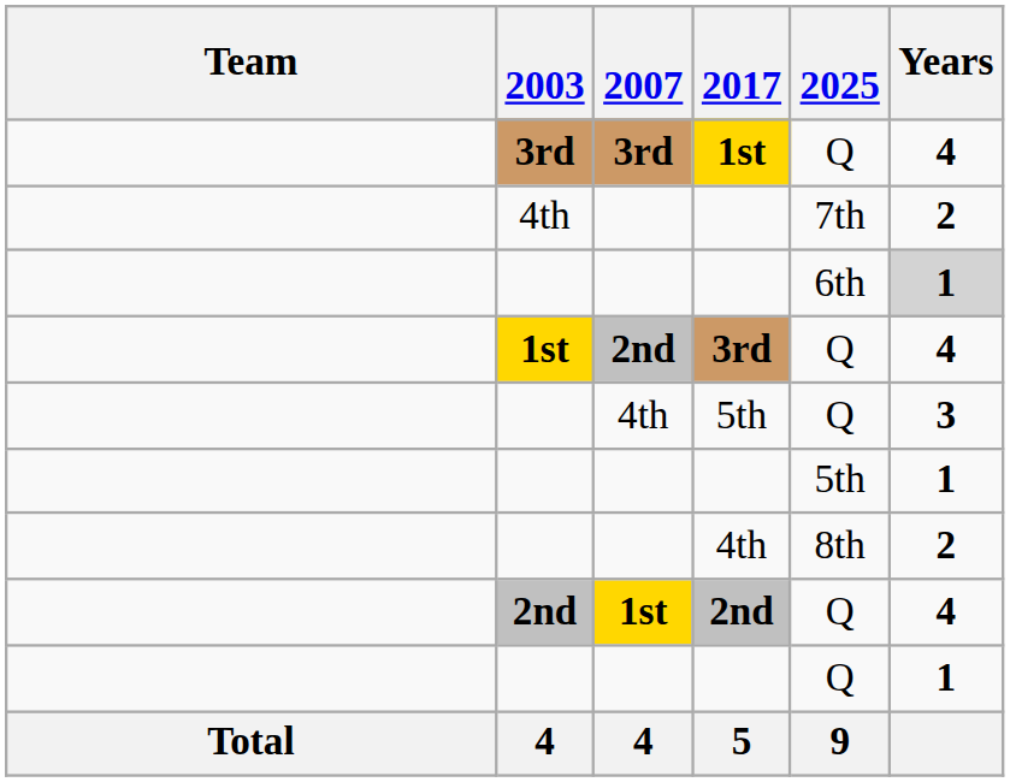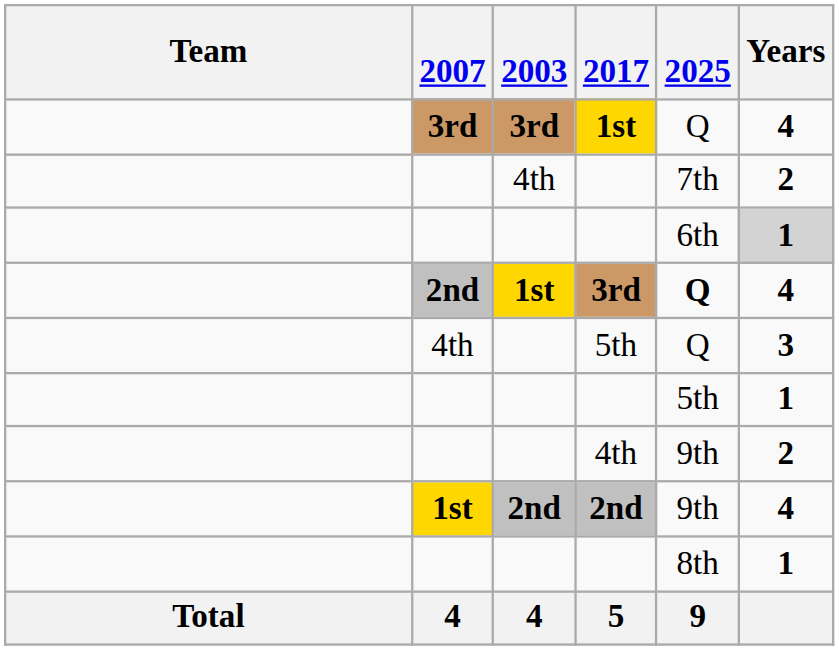 <table class="wikitable" style="text-align:center; font-size:90%">
 <tr>
 <th width=170>Team</th>
+<th><br><a href='#'>2007</a></th>
 <th><br><a href='#'>2003</a></th>
-<th><br><a href='#'>2007</a></th>
 <th><br><a href='#'>2017</a></th>
 <th><br><a href='#'>2025</a></th>
 <th>Years</th>
 </tr>
 <tr>
 <td align=left></td>
 <td bgcolor=cc9966><strong>3rd</strong></td>
 <td bgcolor=cc9966><strong>3rd</strong></td>
 <td bgcolor=gold><strong>1st</strong></td>
 <td>Q</td>
 <td><strong>4</strong></td>
 </tr>
 <tr>
 <td align=left></td>
+<td></td>
 <td>4th</td>
-<td></td>
 <td></td>
 <td>7th</td>
 <td><strong>2</strong></td>
 </tr>
 <tr>
 <td align=left></td>
 <td></td>
 <td></td>
 <td></td>
 <td>6th</td>
 <td style="background: lightgrey;"><strong>1</strong></td>
 </tr>
 <tr>
 <td align=left></td>
+<td bgcolor=silver><strong>2nd</strong></td>
 <td bgcolor=gold><strong>1st</strong></td>
-<td bgcolor=silver><strong>2nd</strong></td>
 <td bgcolor=cc9966><strong>3rd</strong></td>
-<td>Q</td>
+<td><strong>Q</strong></td>
 <td><strong>4</strong></td>
 </tr>
 <tr>
 <td align=left></td>
+<td>4th</td>
 <td></td>
-<td>4th</td>
 <td>5th</td>
 <td>Q</td>
 <td><strong>3</strong></td>
 </tr>
 <tr>
 <td align=left></td>
 <td></td>
 <td></td>
 <td></td>
 <td>5th</td>
 <td><strong>1</strong></td>
 </tr>
 <tr>
 <td align=left></td>
 <td></td>
 <td></td>
 <td>4th</td>
-<td>8th</td>
+<td>9th</td>
 <td><strong>2</strong></td>
 </tr>
 <tr>
 <td align=left></td>
-<td bgcolor=silver><strong>2nd</strong></td>
 <td bgcolor=gold><strong>1st</strong></td>
 <td bgcolor=silver><strong>2nd</strong></td>
-<td>Q</td>
+<td bgcolor=silver><strong>2nd</strong></td>
+<td>9th</td>
 <td><strong>4</strong></td>
 </tr>
 <tr>
 <td align=left></td>
 <td></td>
 <td></td>
 <td></td>
-<td>Q</td>
+<td>8th</td>
 <td><strong>1</strong></td>
 </tr>
 <tr>
 <th>Total</th>
 <th>4</th>
 <th>4</th>
 <th>5</th>
 <th>9</th>
 <th></th>
 </tr>
 </table>
